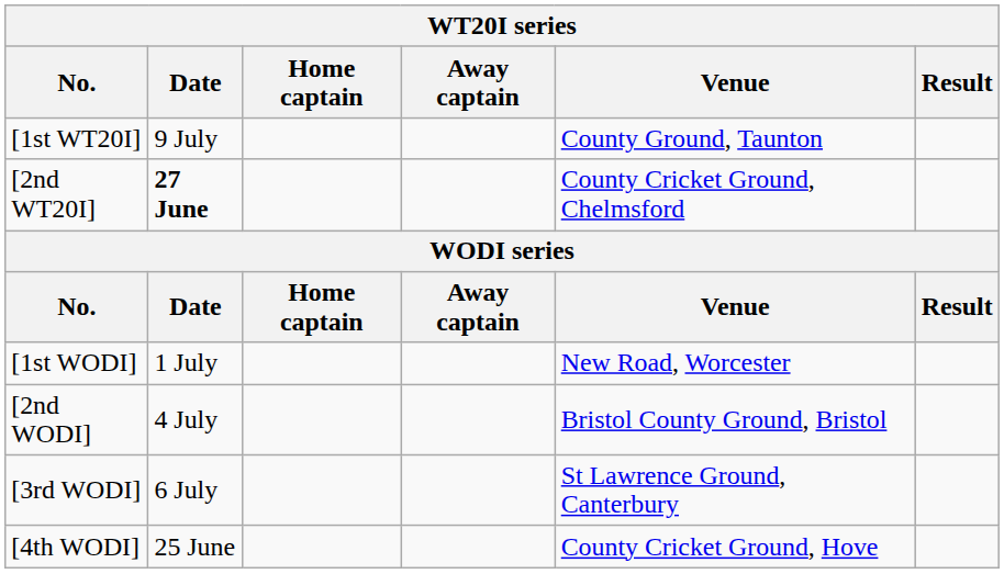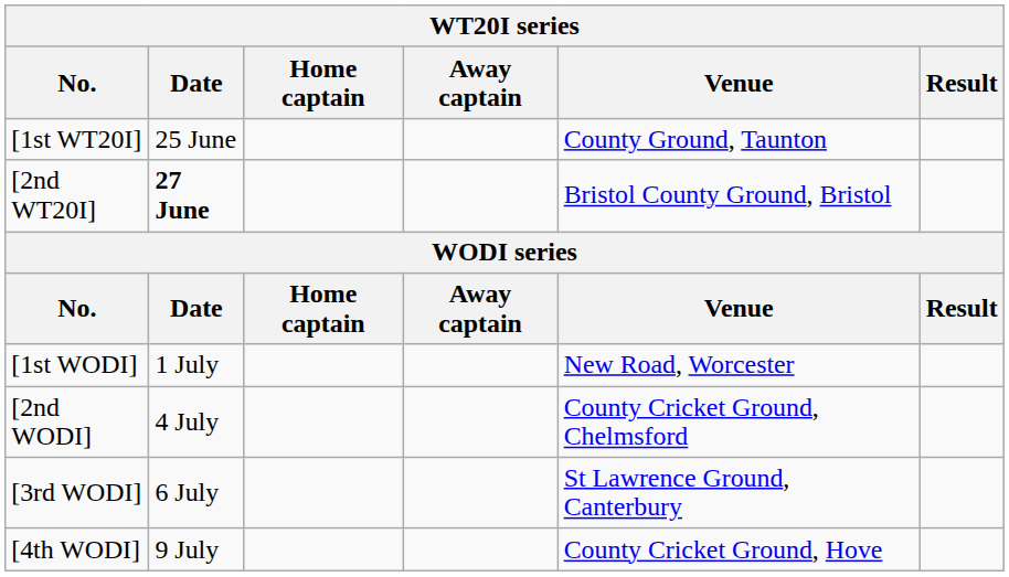 <table class="wikitable">
 <tr>
 <th colspan="9">WT20I series</th>
 </tr>
 <tr>
 <th>No.</th>
 <th>Date</th>
 <th>Home captain</th>
 <th>Away captain</th>
 <th>Venue</th>
 <th>Result</th>
 </tr>
 <tr>
 <td>[1st WT20I]</td>
-<td>9 July</td>
+<td>25 June</td>
 <td></td>
 <td></td>
 <td><a href='#'>County Ground</a>, <a href='#'>Taunton</a></td>
 <td></td>
 </tr>
 <tr>
 <td>[2nd WT20I]</td>
 <td><strong>27 June</strong></td>
 <td></td>
 <td></td>
-<td><a href='#'>County Cricket Ground</a>, <a href='#'>Chelmsford</a></td>
+<td><a href='#'>Bristol County Ground</a>, <a href='#'>Bristol</a></td>
 <td></td>
 </tr>
 <tr>
 <th colspan="9">WODI series</th>
 </tr>
 <tr>
 <th>No.</th>
 <th>Date</th>
 <th>Home captain</th>
 <th>Away captain</th>
 <th>Venue</th>
 <th>Result</th>
 </tr>
 <tr>
 <td>[1st WODI]</td>
 <td>1 July</td>
 <td></td>
 <td></td>
 <td><a href='#'>New Road</a>, <a href='#'>Worcester</a></td>
 <td></td>
 </tr>
 <tr>
 <td>[2nd WODI]</td>
 <td>4 July</td>
 <td></td>
 <td></td>
-<td><a href='#'>Bristol County Ground</a>, <a href='#'>Bristol</a></td>
+<td><a href='#'>County Cricket Ground</a>, <a href='#'>Chelmsford</a></td>
 <td></td>
 </tr>
 <tr>
 <td>[3rd WODI]</td>
 <td>6 July</td>
 <td></td>
 <td></td>
 <td><a href='#'>St Lawrence Ground</a>, <a href='#'>Canterbury</a></td>
 <td></td>
 </tr>
 <tr>
 <td>[4th WODI]</td>
-<td>25 June</td>
+<td>9 July</td>
 <td></td>
 <td></td>
 <td><a href='#'>County Cricket Ground</a>, <a href='#'>Hove</a></td>
 <td></td>
 </tr>
 </table>
